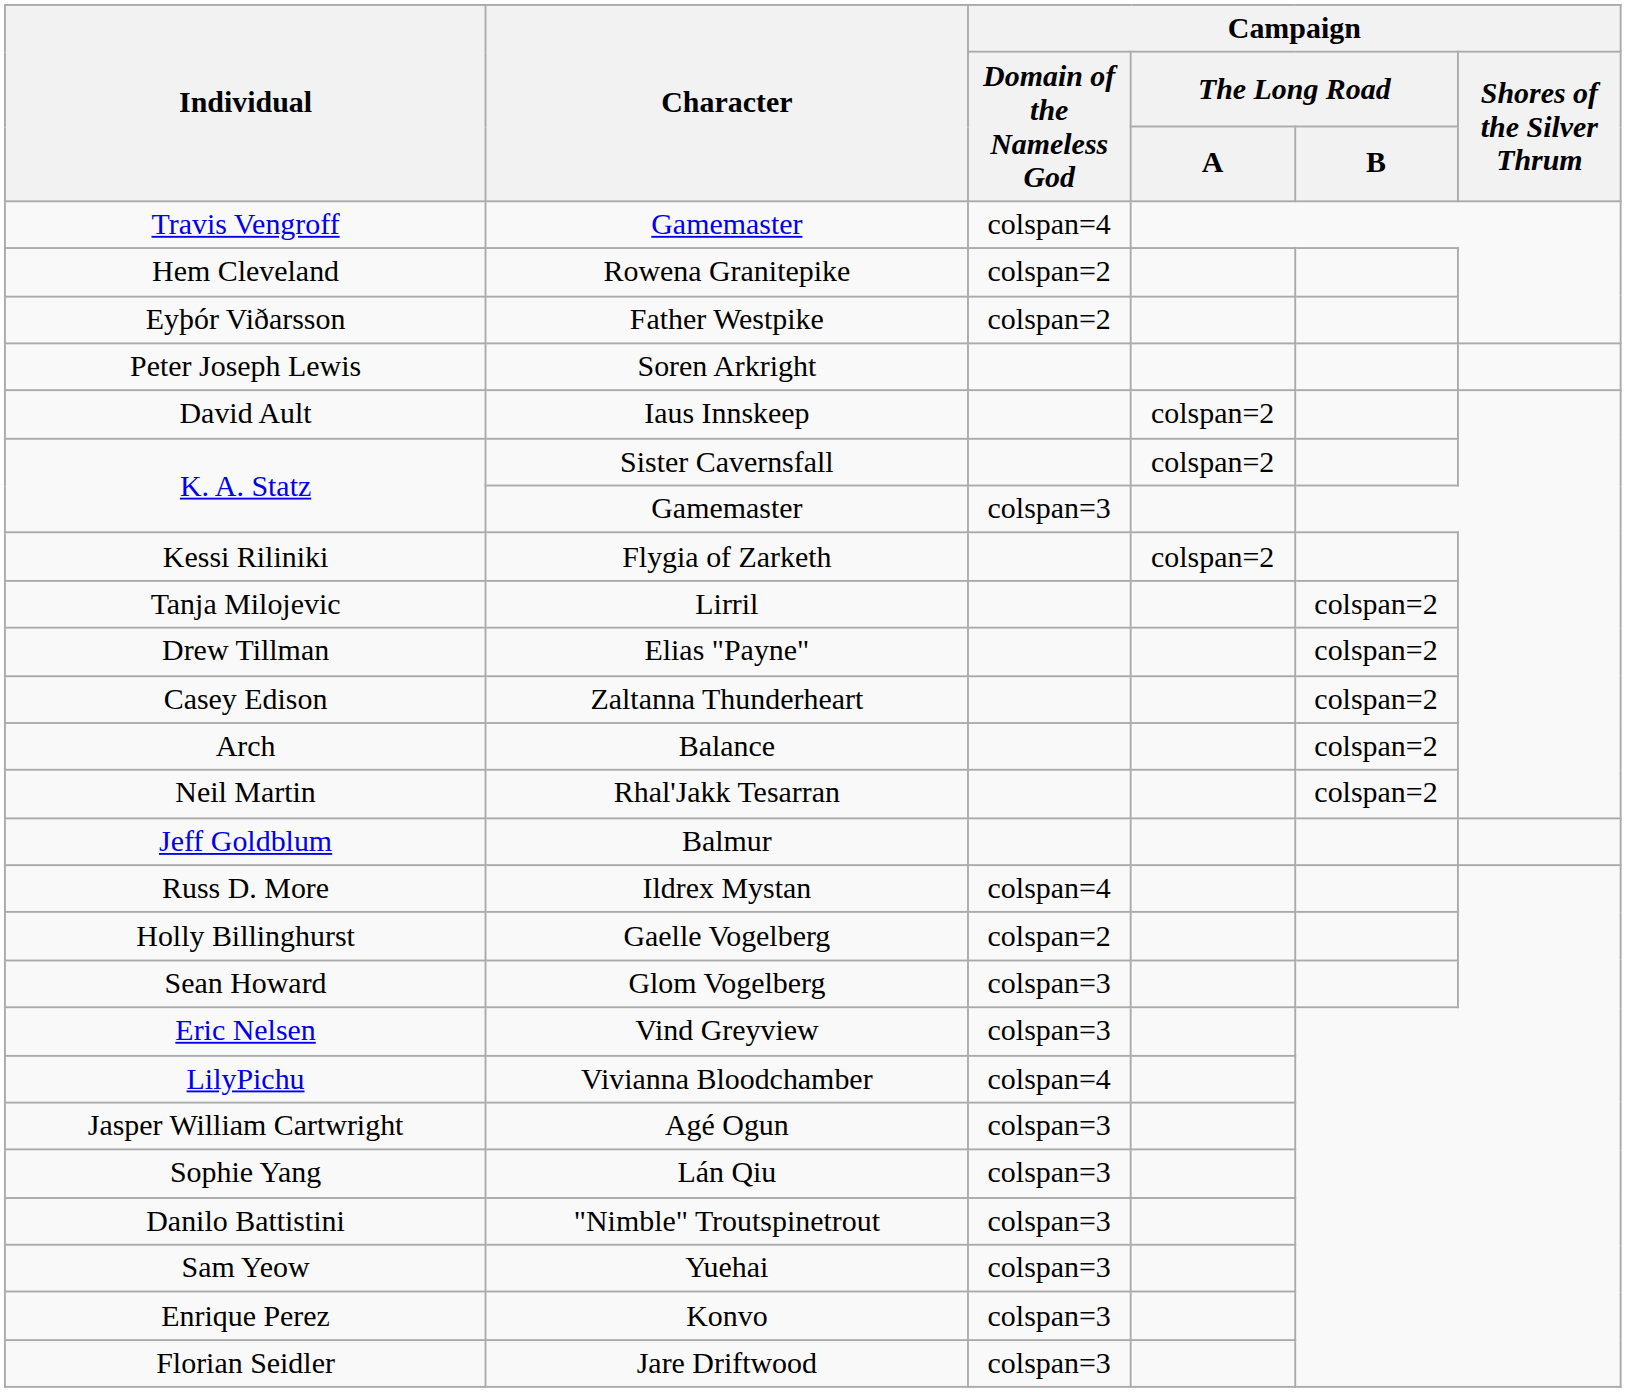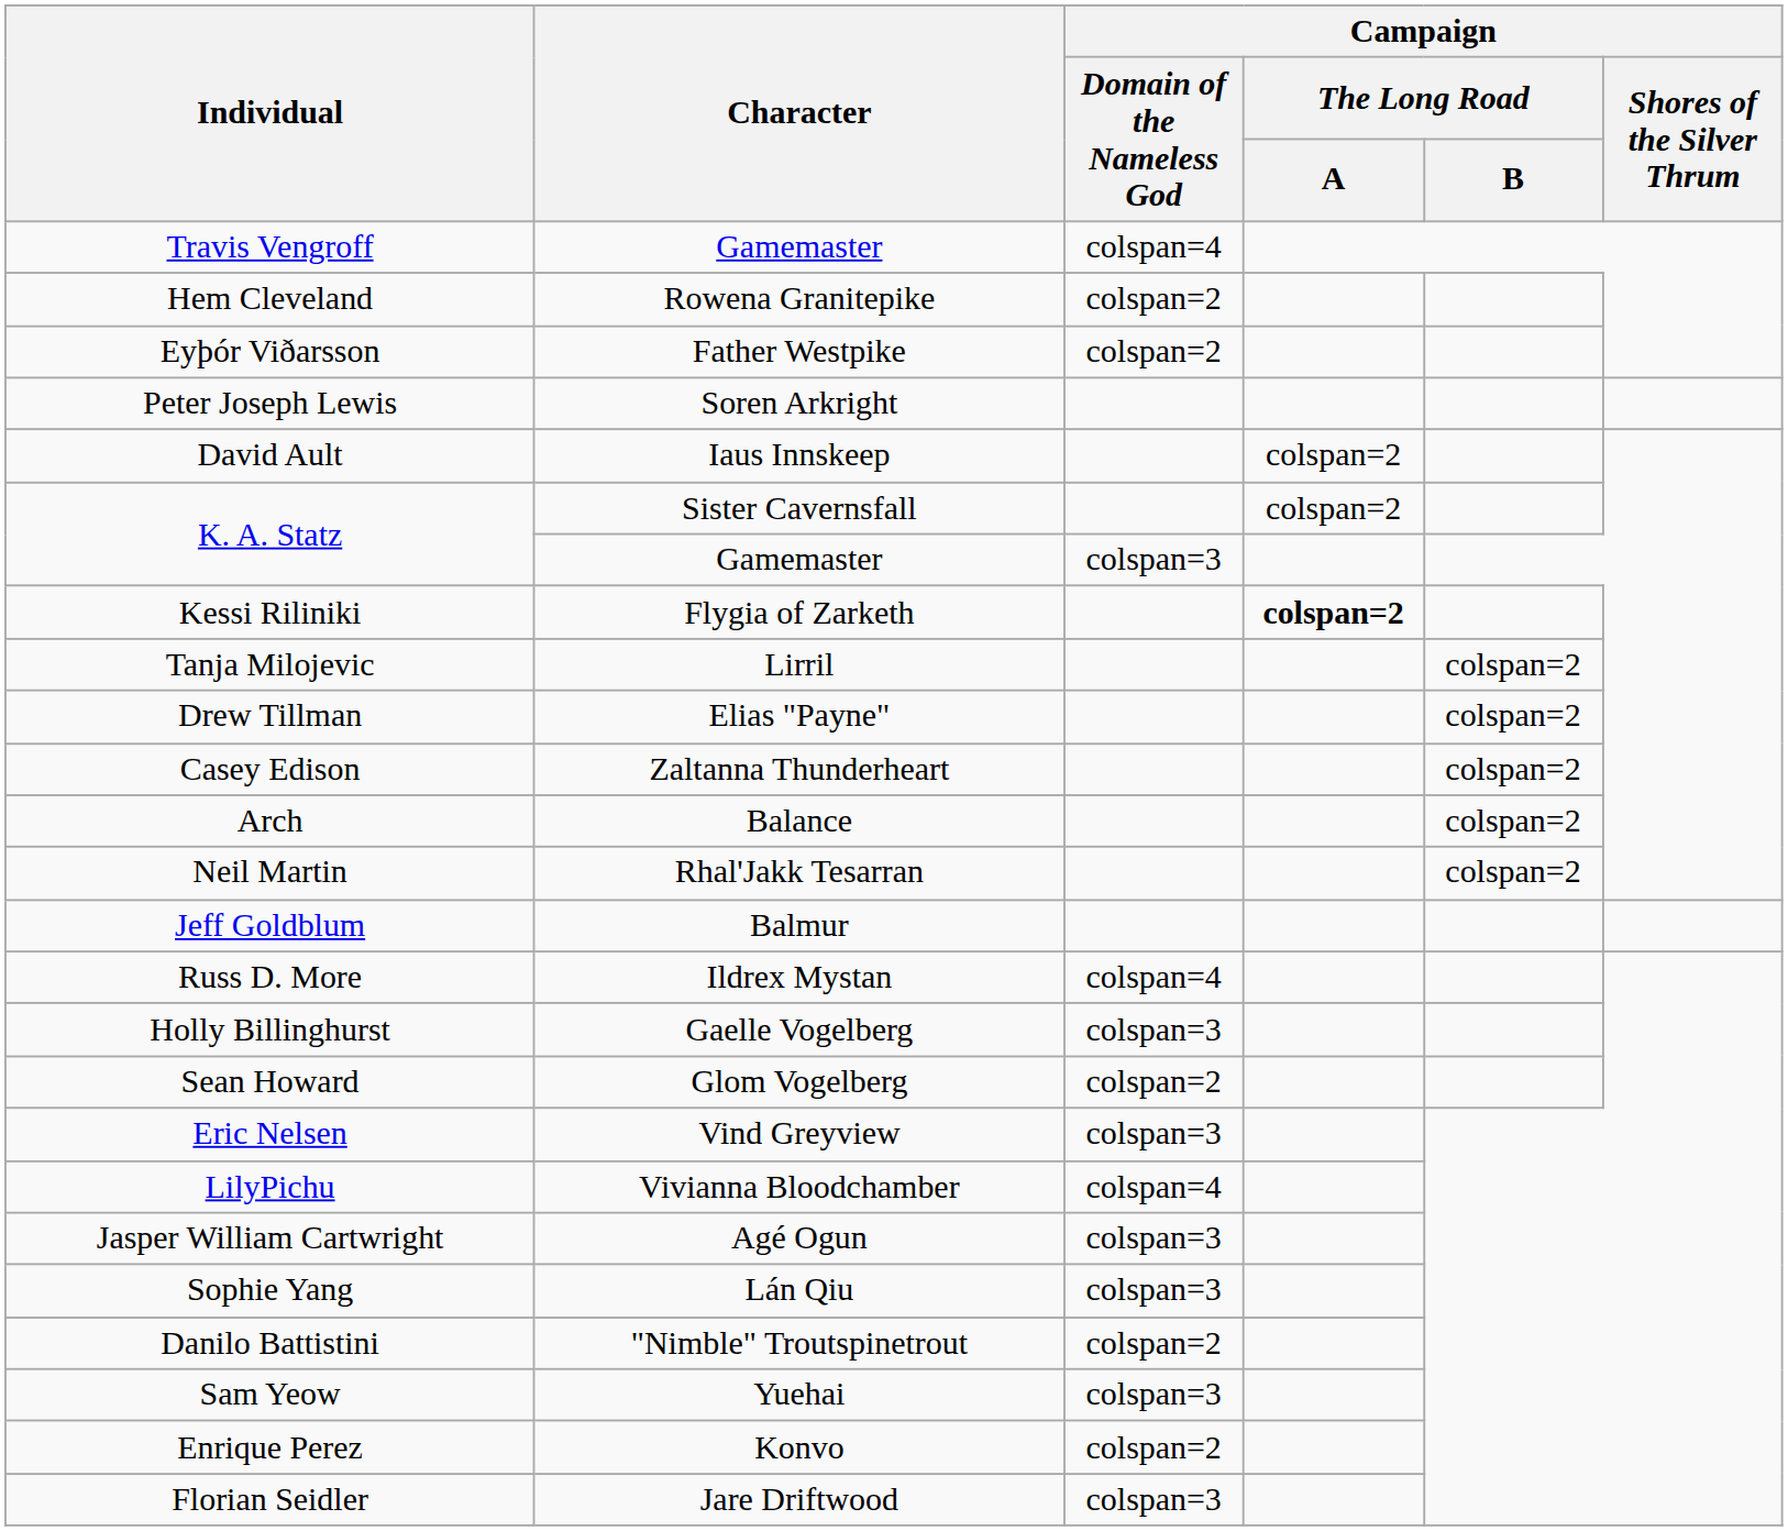 <table class="wikitable" style="text-align:center;">
 <tr>
 <th rowspan=3 style="width:250px;">Individual</th>
 <th rowspan=3 style="width:250px;">Character</th>
 <th colspan=4>Campaign</th>
 </tr>
 <tr>
 <th rowspan=2 style="width:80px;"><em>Domain of the Nameless God</em></th>
 <th colspan=2 style="width:80px;"><em>The Long Road</em></th>
 <th rowspan=2 style="width:80px;"><em>Shores of the Silver Thrum</em></th>
 </tr>
 <tr>
 <th style="width:80px;">A</th>
 <th style="width:80px;">B</th>
 </tr>
 <tr>
 <td><a href='#'>Travis Vengroff</a></td>
 <td><a href='#'>Gamemaster</a></td>
 <td>colspan=4 </td>
 </tr>
 <tr>
 <td>Hem Cleveland</td>
 <td>Rowena Granitepike</td>
 <td>colspan=2 </td>
 <td></td>
 <td></td>
 </tr>
 <tr>
 <td>Eyþór Viðarsson</td>
 <td>Father Westpike</td>
 <td>colspan=2 </td>
 <td></td>
 <td></td>
 </tr>
 <tr>
 <td>Peter Joseph Lewis</td>
 <td>Soren Arkright</td>
 <td></td>
 <td></td>
 <td></td>
 <td></td>
 </tr>
 <tr>
 <td>David Ault</td>
 <td>Iaus Innskeep</td>
 <td></td>
 <td>colspan=2 </td>
 <td></td>
 </tr>
 <tr>
 <td rowspan=2><a href='#'>K. A. Statz</a></td>
 <td>Sister Cavernsfall</td>
 <td></td>
 <td>colspan=2 </td>
 <td></td>
 </tr>
 <tr>
 <td>Gamemaster</td>
 <td>colspan=3 </td>
 <td></td>
 </tr>
 <tr>
 <td>Kessi Riliniki</td>
 <td>Flygia of Zarketh</td>
 <td></td>
-<td>colspan=2 </td>
+<td><strong>colspan=2 </strong></td>
 <td></td>
 </tr>
 <tr>
 <td>Tanja Milojevic</td>
 <td>Lirril</td>
 <td></td>
 <td></td>
 <td>colspan=2 </td>
 </tr>
 <tr>
 <td>Drew Tillman</td>
 <td>Elias "Payne"</td>
 <td></td>
 <td></td>
 <td>colspan=2 </td>
 </tr>
 <tr>
 <td>Casey Edison</td>
 <td>Zaltanna Thunderheart</td>
 <td></td>
 <td></td>
 <td>colspan=2 </td>
 </tr>
 <tr>
 <td>Arch</td>
 <td>Balance</td>
 <td></td>
 <td></td>
 <td>colspan=2 </td>
 </tr>
 <tr>
 <td>Neil Martin</td>
 <td>Rhal'Jakk Tesarran</td>
 <td></td>
 <td></td>
 <td>colspan=2 </td>
 </tr>
 <tr>
 <td><a href='#'>Jeff Goldblum</a></td>
 <td>Balmur</td>
 <td></td>
 <td></td>
 <td></td>
 <td></td>
 </tr>
 <tr>
 <td>Russ D. More</td>
 <td>Ildrex Mystan</td>
 <td>colspan=4 </td>
 <td></td>
 <td></td>
 </tr>
 <tr>
 <td>Holly Billinghurst</td>
 <td>Gaelle Vogelberg</td>
-<td>colspan=2 </td>
+<td>colspan=3 </td>
 <td></td>
 <td></td>
 </tr>
 <tr>
 <td>Sean Howard</td>
 <td>Glom Vogelberg</td>
-<td>colspan=3 </td>
+<td>colspan=2 </td>
 <td></td>
 <td></td>
 </tr>
 <tr>
 <td><a href='#'>Eric Nelsen</a></td>
 <td>Vind Greyview</td>
 <td>colspan=3 </td>
 <td></td>
 </tr>
 <tr>
 <td><a href='#'>LilyPichu</a></td>
 <td>Vivianna Bloodchamber</td>
 <td>colspan=4 </td>
 <td></td>
 </tr>
 <tr>
 <td>Jasper William Cartwright</td>
 <td>Agé Ogun</td>
 <td>colspan=3 </td>
 <td></td>
 </tr>
 <tr>
 <td>Sophie Yang</td>
 <td>Lán Qiu</td>
 <td>colspan=3 </td>
 <td></td>
 </tr>
 <tr>
 <td>Danilo Battistini</td>
 <td>"Nimble" Troutspinetrout</td>
-<td>colspan=3 </td>
+<td>colspan=2 </td>
 <td></td>
 </tr>
 <tr>
 <td>Sam Yeow</td>
 <td>Yuehai</td>
 <td>colspan=3 </td>
 <td></td>
 </tr>
 <tr>
 <td>Enrique Perez</td>
 <td>Konvo</td>
-<td>colspan=3 </td>
+<td>colspan=2 </td>
 <td></td>
 </tr>
 <tr>
 <td>Florian Seidler</td>
 <td>Jare Driftwood</td>
 <td>colspan=3 </td>
 <td></td>
 </tr>
 </table>
